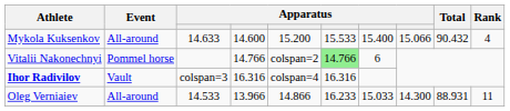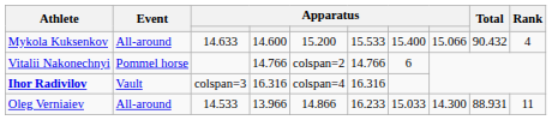 <table class="wikitable" style="font-size:90%">
 <tr>
 <th rowspan=2>Athlete</th>
 <th rowspan=2>Event</th>
 <th colspan =6>Apparatus</th>
 <th rowspan=2>Total</th>
 <th rowspan=2>Rank</th>
 </tr>
 <tr style="font-size:95%">
 <th></th>
 <th></th>
 <th></th>
 <th></th>
 <th></th>
 <th></th>
 </tr>
 <tr align=center>
 <td align=left><a href='#'>Mykola Kuksenkov</a></td>
 <td align=left><a href='#'>All-around</a></td>
 <td>14.633</td>
 <td>14.600</td>
 <td>15.200</td>
 <td>15.533</td>
 <td>15.400</td>
 <td>15.066</td>
 <td>90.432</td>
 <td>4</td>
 </tr>
 <tr align=center>
 <td align=left><a href='#'>Vitalii Nakonechnyi</a></td>
 <td align=left><a href='#'>Pommel horse</a></td>
 <td></td>
 <td>14.766</td>
 <td>colspan=2 </td>
-<td style="background: lightgreen;">14.766</td>
+<td>14.766</td>
 <td>6</td>
 </tr>
 <tr align=center>
 <td align=left><strong><a href='#'>Ihor Radivilov</a></strong></td>
 <td align=left><a href='#'>Vault</a></td>
 <td>colspan=3 </td>
 <td>16.316</td>
 <td>colspan=4 </td>
 <td>16.316</td>
 <td></td>
 </tr>
 <tr align=center>
 <td align=left><a href='#'>Oleg Verniaiev</a></td>
 <td align=left><a href='#'>All-around</a></td>
 <td>14.533</td>
 <td>13.966</td>
 <td>14.866</td>
 <td>16.233</td>
 <td>15.033</td>
 <td>14.300</td>
 <td>88.931</td>
 <td>11</td>
 </tr>
 </table>
